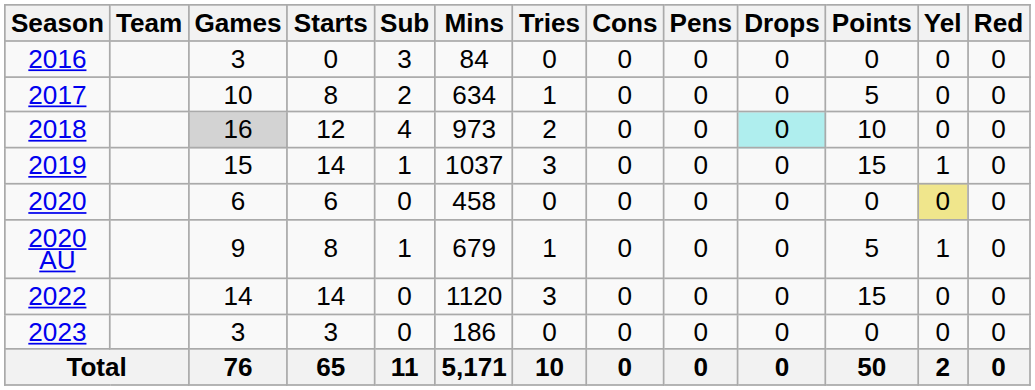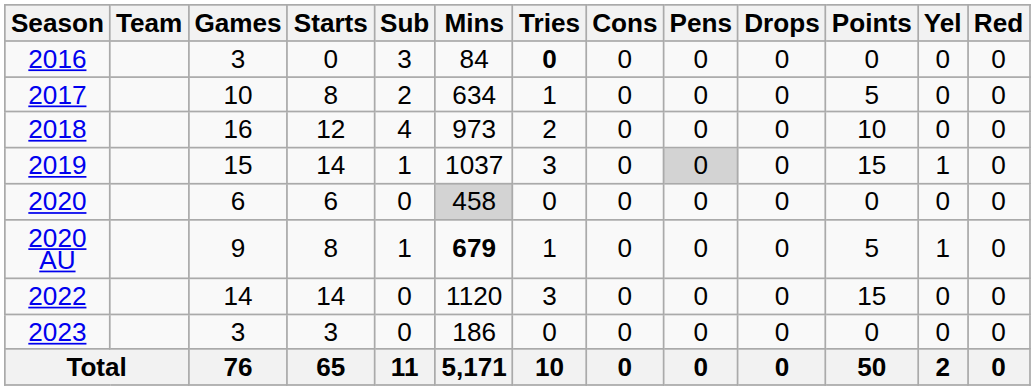 <table class="wikitable" style="text-align:center; line-height:90%; font-size:95%; width:60%;">
 <tr>
 <th>Season</th>
 <th>Team</th>
 <th>Games</th>
 <th>Starts</th>
 <th>Sub</th>
 <th>Mins</th>
 <th>Tries</th>
 <th>Cons</th>
 <th>Pens</th>
 <th>Drops</th>
 <th>Points</th>
 <th>Yel</th>
 <th>Red</th>
 </tr>
 <tr>
 <td><a href='#'>2016</a></td>
 <td></td>
 <td>3</td>
 <td>0</td>
 <td>3</td>
 <td>84</td>
-<td>0</td>
+<td><strong>0</strong></td>
 <td>0</td>
 <td>0</td>
 <td>0</td>
 <td>0</td>
 <td>0</td>
 <td>0</td>
 </tr>
 <tr>
 <td><a href='#'>2017</a></td>
 <td></td>
 <td>10</td>
 <td>8</td>
 <td>2</td>
 <td>634</td>
 <td>1</td>
 <td>0</td>
 <td>0</td>
 <td>0</td>
 <td>5</td>
 <td>0</td>
 <td>0</td>
 </tr>
 <tr>
 <td><a href='#'>2018</a></td>
 <td></td>
-<td style="background: lightgrey;">16</td>
+<td>16</td>
 <td>12</td>
 <td>4</td>
 <td>973</td>
 <td>2</td>
 <td>0</td>
 <td>0</td>
-<td style="background: paleturquoise;">0</td>
+<td>0</td>
 <td>10</td>
 <td>0</td>
 <td>0</td>
 </tr>
 <tr>
 <td><a href='#'>2019</a></td>
 <td></td>
 <td>15</td>
 <td>14</td>
 <td>1</td>
 <td>1037</td>
 <td>3</td>
 <td>0</td>
-<td>0</td>
+<td style="background: lightgrey;">0</td>
 <td>0</td>
 <td>15</td>
 <td>1</td>
 <td>0</td>
 </tr>
 <tr>
 <td><a href='#'>2020</a></td>
 <td></td>
 <td>6</td>
 <td>6</td>
 <td>0</td>
-<td>458</td>
+<td style="background: lightgrey;">458</td>
 <td>0</td>
 <td>0</td>
 <td>0</td>
 <td>0</td>
 <td>0</td>
-<td style="background: khaki;">0</td>
+<td>0</td>
 <td>0</td>
 </tr>
 <tr>
 <td><a href='#'>2020 AU</a></td>
 <td></td>
 <td>9</td>
 <td>8</td>
 <td>1</td>
-<td>679</td>
+<td><strong>679</strong></td>
 <td>1</td>
 <td>0</td>
 <td>0</td>
 <td>0</td>
 <td>5</td>
 <td>1</td>
 <td>0</td>
 </tr>
 <tr>
 <td><a href='#'>2022</a></td>
 <td></td>
 <td>14</td>
 <td>14</td>
 <td>0</td>
 <td>1120</td>
 <td>3</td>
 <td>0</td>
 <td>0</td>
 <td>0</td>
 <td>15</td>
 <td>0</td>
 <td>0</td>
 </tr>
 <tr>
 <td><a href='#'>2023</a></td>
 <td></td>
 <td>3</td>
 <td>3</td>
 <td>0</td>
 <td>186</td>
 <td>0</td>
 <td>0</td>
 <td>0</td>
 <td>0</td>
 <td>0</td>
 <td>0</td>
 <td>0</td>
 </tr>
 <tr>
 <th colspan="2">Total</th>
 <th>76</th>
 <th>65</th>
 <th>11</th>
 <th>5,171</th>
 <th>10</th>
 <th>0</th>
 <th>0</th>
 <th>0</th>
 <th>50</th>
 <th>2</th>
 <th>0</th>
 </tr>
 </table>
